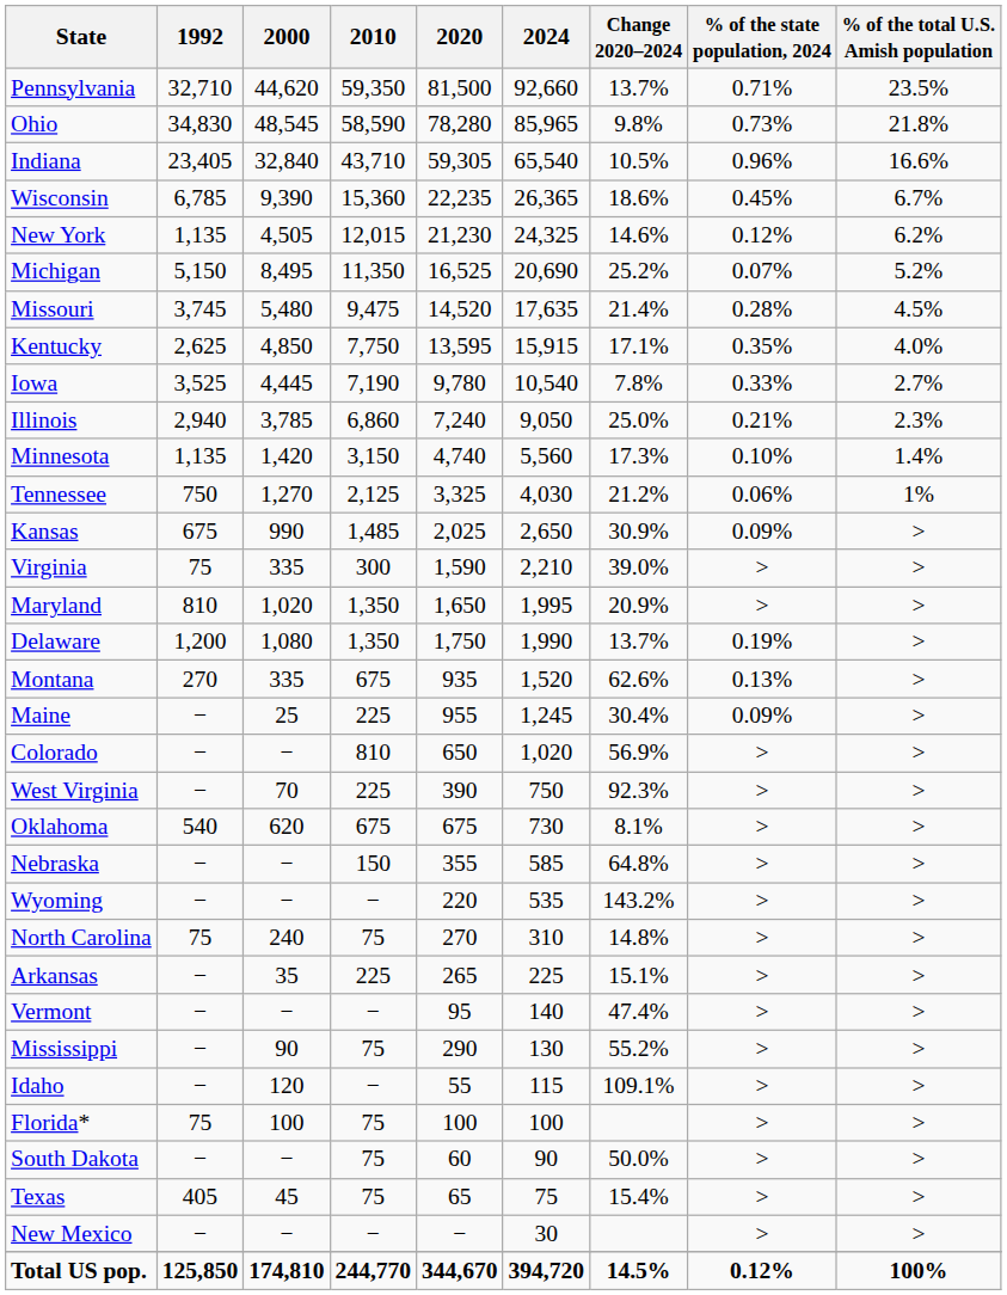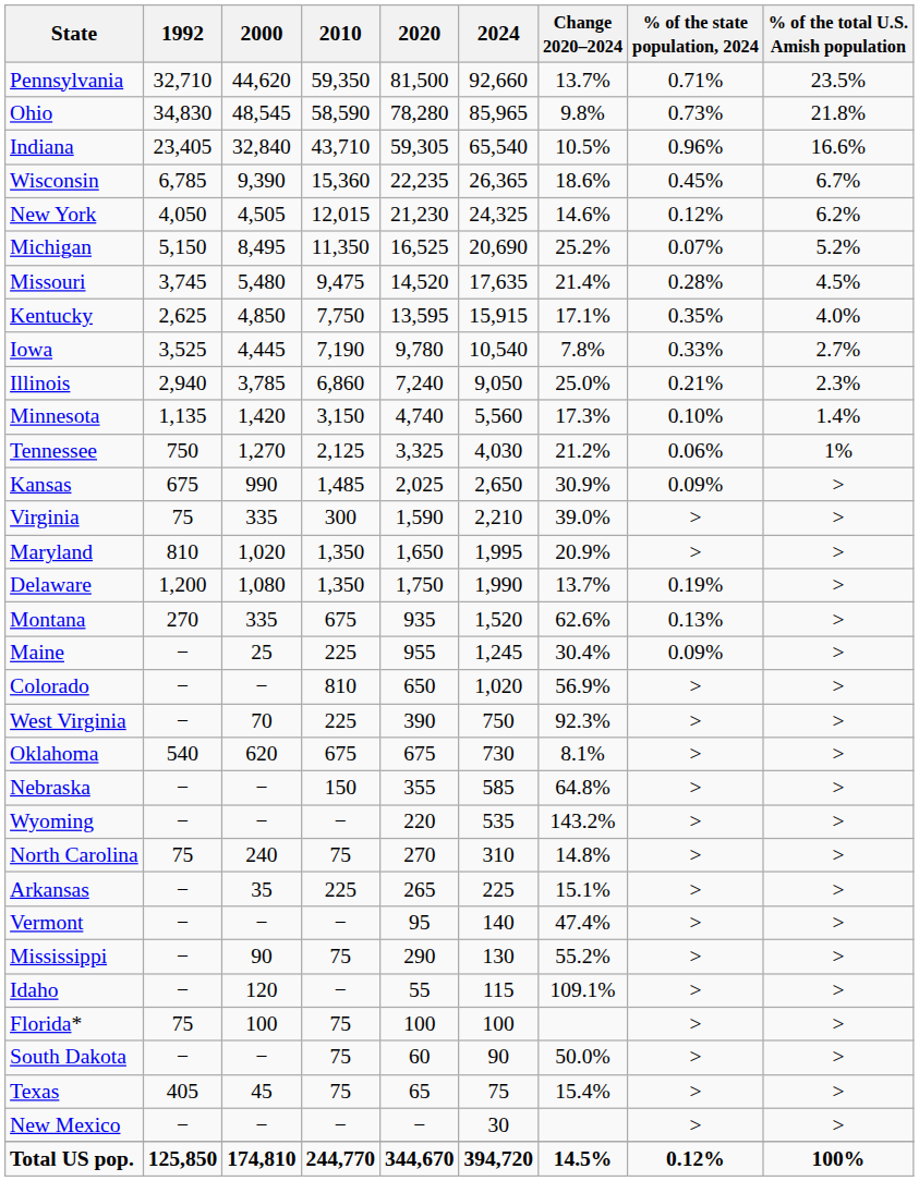 <table class="wikitable sortable">
 <tr>
 <th data-sort-type="text">State</th>
 <th data-sort-type="number">1992</th>
 <th data-sort-type="number">2000</th>
 <th data-sort-type="number">2010</th>
 <th data-sort-type="number">2020</th>
 <th data-sort-type="number">2024</th>
 <th data-sort-type="number"><small>Change<br>2020–2024</small></th>
 <th data-sort-type="number"><small>% of the state<br>population, 2024</small></th>
 <th data-sort-type="number"><small>% of the total U.S.<br>Amish population</small></th>
 </tr>
 <tr>
 <td><a href='#'>Pennsylvania</a></td>
 <td style="text-align: center;">32,710</td>
 <td style="text-align: center;">44,620</td>
 <td style="text-align: center;">59,350</td>
 <td style="text-align: center;">81,500</td>
 <td style="text-align: center;">92,660</td>
 <td style="text-align: center;">13.7%</td>
 <td style="text-align: center;">0.71%</td>
 <td style="text-align: center;">23.5%</td>
 </tr>
 <tr>
 <td><a href='#'>Ohio</a></td>
 <td style="text-align: center;">34,830</td>
 <td style="text-align: center;">48,545</td>
 <td style="text-align: center;">58,590</td>
 <td style="text-align: center;">78,280</td>
 <td style="text-align: center;">85,965</td>
 <td style="text-align: center;">9.8%</td>
 <td style="text-align: center;">0.73%</td>
 <td style="text-align: center;">21.8%</td>
 </tr>
 <tr>
 <td><a href='#'>Indiana</a></td>
 <td style="text-align: center;">23,405</td>
 <td style="text-align: center;">32,840</td>
 <td style="text-align: center;">43,710</td>
 <td style="text-align: center;">59,305</td>
 <td style="text-align: center;">65,540</td>
 <td style="text-align: center;">10.5%</td>
 <td style="text-align: center;">0.96%</td>
 <td style="text-align: center;">16.6%</td>
 </tr>
 <tr>
 <td><a href='#'>Wisconsin</a></td>
 <td style="text-align: center;">6,785</td>
 <td style="text-align: center;">9,390</td>
 <td style="text-align: center;">15,360</td>
 <td style="text-align: center;">22,235</td>
 <td style="text-align: center;">26,365</td>
 <td style="text-align: center;">18.6%</td>
 <td style="text-align: center;">0.45%</td>
 <td style="text-align: center;">6.7%</td>
 </tr>
 <tr>
 <td><a href='#'>New York</a></td>
-<td style="text-align: center;">1,135</td>
+<td style="text-align: center;">4,050</td>
 <td style="text-align: center;">4,505</td>
 <td style="text-align: center;">12,015</td>
 <td style="text-align: center;">21,230</td>
 <td style="text-align: center;">24,325</td>
 <td style="text-align: center;">14.6%</td>
 <td style="text-align: center;">0.12%</td>
 <td style="text-align: center;">6.2%</td>
 </tr>
 <tr>
 <td><a href='#'>Michigan</a></td>
 <td style="text-align: center;">5,150</td>
 <td style="text-align: center;">8,495</td>
 <td style="text-align: center;">11,350</td>
 <td style="text-align: center;">16,525</td>
 <td style="text-align: center;">20,690</td>
 <td style="text-align: center;">25.2%</td>
 <td style="text-align: center;">0.07%</td>
 <td style="text-align: center;">5.2%</td>
 </tr>
 <tr>
 <td><a href='#'>Missouri</a></td>
 <td style="text-align: center;">3,745</td>
 <td style="text-align: center;">5,480</td>
 <td style="text-align: center;">9,475</td>
 <td style="text-align: center;">14,520</td>
 <td style="text-align: center;">17,635</td>
 <td style="text-align: center;">21.4%</td>
 <td style="text-align: center;">0.28%</td>
 <td style="text-align: center;">4.5%</td>
 </tr>
 <tr>
 <td><a href='#'>Kentucky</a></td>
 <td style="text-align: center;">2,625</td>
 <td style="text-align: center;">4,850</td>
 <td style="text-align: center;">7,750</td>
 <td style="text-align: center;">13,595</td>
 <td style="text-align: center;">15,915</td>
 <td style="text-align: center;">17.1%</td>
 <td style="text-align: center;">0.35%</td>
 <td style="text-align: center;">4.0%</td>
 </tr>
 <tr>
 <td><a href='#'>Iowa</a></td>
 <td style="text-align: center;">3,525</td>
 <td style="text-align: center;">4,445</td>
 <td style="text-align: center;">7,190</td>
 <td style="text-align: center;">9,780</td>
 <td style="text-align: center;">10,540</td>
 <td style="text-align: center;">7.8%</td>
 <td style="text-align: center;">0.33%</td>
 <td style="text-align: center;">2.7%</td>
 </tr>
 <tr>
 <td><a href='#'>Illinois</a></td>
 <td style="text-align: center;">2,940</td>
 <td style="text-align: center;">3,785</td>
 <td style="text-align: center;">6,860</td>
 <td style="text-align: center;">7,240</td>
 <td style="text-align: center;">9,050</td>
 <td style="text-align: center;">25.0%</td>
 <td style="text-align: center;">0.21%</td>
 <td style="text-align: center;">2.3%</td>
 </tr>
 <tr>
 <td><a href='#'>Minnesota</a></td>
 <td style="text-align: center;">1,135</td>
 <td style="text-align: center;">1,420</td>
 <td style="text-align: center;">3,150</td>
 <td style="text-align: center;">4,740</td>
 <td style="text-align: center;">5,560</td>
 <td style="text-align: center;">17.3%</td>
 <td style="text-align: center;">0.10%</td>
 <td style="text-align: center;">1.4%</td>
 </tr>
 <tr>
 <td><a href='#'>Tennessee</a></td>
 <td style="text-align: center;">750</td>
 <td style="text-align: center;">1,270</td>
 <td style="text-align: center;">2,125</td>
 <td style="text-align: center;">3,325</td>
 <td style="text-align: center;">4,030</td>
 <td style="text-align: center;">21.2%</td>
 <td style="text-align: center;">0.06%</td>
 <td style="text-align: center;">1%</td>
 </tr>
 <tr>
 <td><a href='#'>Kansas</a></td>
 <td style="text-align: center;">675</td>
 <td style="text-align: center;">990</td>
 <td style="text-align: center;">1,485</td>
 <td style="text-align: center;">2,025</td>
 <td style="text-align: center;">2,650</td>
 <td style="text-align: center;">30.9%</td>
 <td style="text-align: center;">0.09%</td>
 <td style="text-align: center;">></td>
 </tr>
 <tr>
 <td><a href='#'>Virginia</a></td>
 <td style="text-align: center;">75</td>
 <td style="text-align: center;">335</td>
 <td style="text-align: center;">300</td>
 <td style="text-align: center;">1,590</td>
 <td style="text-align: center;">2,210</td>
 <td style="text-align: center;">39.0%</td>
 <td style="text-align: center;">></td>
 <td style="text-align: center;">></td>
 </tr>
 <tr>
 <td><a href='#'>Maryland</a></td>
 <td style="text-align: center;">810</td>
 <td style="text-align: center;">1,020</td>
 <td style="text-align: center;">1,350</td>
 <td style="text-align: center;">1,650</td>
 <td style="text-align: center;">1,995</td>
 <td style="text-align: center;">20.9%</td>
 <td style="text-align: center;">></td>
 <td style="text-align: center;">></td>
 </tr>
 <tr>
 <td><a href='#'>Delaware</a></td>
 <td style="text-align: center;">1,200</td>
 <td style="text-align: center;">1,080</td>
 <td style="text-align: center;">1,350</td>
 <td style="text-align: center;">1,750</td>
 <td style="text-align: center;">1,990</td>
 <td style="text-align: center;">13.7%</td>
 <td style="text-align: center;">0.19%</td>
 <td style="text-align: center;">></td>
 </tr>
 <tr>
 <td><a href='#'>Montana</a></td>
 <td style="text-align: center;">270</td>
 <td style="text-align: center;">335</td>
 <td style="text-align: center;">675</td>
 <td style="text-align: center;">935</td>
 <td style="text-align: center;">1,520</td>
 <td style="text-align: center;">62.6%</td>
 <td style="text-align: center;">0.13%</td>
 <td style="text-align: center;">></td>
 </tr>
 <tr>
 <td><a href='#'>Maine</a></td>
 <td style="text-align: center;">−</td>
 <td style="text-align: center;">25</td>
 <td style="text-align: center;">225</td>
 <td style="text-align: center;">955</td>
 <td style="text-align: center;">1,245</td>
 <td style="text-align: center;">30.4%</td>
 <td style="text-align: center;">0.09%</td>
 <td style="text-align: center;">></td>
 </tr>
 <tr>
 <td><a href='#'>Colorado</a></td>
 <td style="text-align: center;">−</td>
 <td style="text-align: center;">−</td>
 <td style="text-align: center;">810</td>
 <td style="text-align: center;">650</td>
 <td style="text-align: center;">1,020</td>
 <td style="text-align: center;">56.9%</td>
 <td style="text-align: center;">></td>
 <td style="text-align: center;">></td>
 </tr>
 <tr>
 <td><a href='#'>West Virginia</a></td>
 <td style="text-align: center;">−</td>
 <td style="text-align: center;">70</td>
 <td style="text-align: center;">225</td>
 <td style="text-align: center;">390</td>
 <td style="text-align: center;">750</td>
 <td style="text-align: center;">92.3%</td>
 <td style="text-align: center;">></td>
 <td style="text-align: center;">></td>
 </tr>
 <tr>
 <td><a href='#'>Oklahoma</a></td>
 <td style="text-align: center;">540</td>
 <td style="text-align: center;">620</td>
 <td style="text-align: center;">675</td>
 <td style="text-align: center;">675</td>
 <td style="text-align: center;">730</td>
 <td style="text-align: center;">8.1%</td>
 <td style="text-align: center;">></td>
 <td style="text-align: center;">></td>
 </tr>
 <tr>
 <td><a href='#'>Nebraska</a></td>
 <td style="text-align: center;">−</td>
 <td style="text-align: center;">−</td>
 <td style="text-align: center;">150</td>
 <td style="text-align: center;">355</td>
 <td style="text-align: center;">585</td>
 <td style="text-align: center;">64.8%</td>
 <td style="text-align: center;">></td>
 <td style="text-align: center;">></td>
 </tr>
 <tr>
 <td><a href='#'>Wyoming</a></td>
 <td style="text-align: center;">−</td>
 <td style="text-align: center;">−</td>
 <td style="text-align: center;">−</td>
 <td style="text-align: center;">220</td>
 <td style="text-align: center;">535</td>
 <td style="text-align: center;">143.2%</td>
 <td style="text-align: center;">></td>
 <td style="text-align: center;">></td>
 </tr>
 <tr>
 <td><a href='#'>North Carolina</a></td>
 <td style="text-align: center;">75</td>
 <td style="text-align: center;">240</td>
 <td style="text-align: center;">75</td>
 <td style="text-align: center;">270</td>
 <td style="text-align: center;">310</td>
 <td style="text-align: center;">14.8%</td>
 <td style="text-align: center;">></td>
 <td style="text-align: center;">></td>
 </tr>
 <tr>
 <td><a href='#'>Arkansas</a></td>
 <td style="text-align: center;">−</td>
 <td style="text-align: center;">35</td>
 <td style="text-align: center;">225</td>
 <td style="text-align: center;">265</td>
 <td style="text-align: center;">225</td>
 <td style="text-align: center;">15.1%</td>
 <td style="text-align: center;">></td>
 <td style="text-align: center;">></td>
 </tr>
 <tr>
 <td><a href='#'>Vermont</a></td>
 <td style="text-align: center;">−</td>
 <td style="text-align: center;">−</td>
 <td style="text-align: center;">−</td>
 <td style="text-align: center;">95</td>
 <td style="text-align: center;">140</td>
 <td style="text-align: center;">47.4%</td>
 <td style="text-align: center;">></td>
 <td style="text-align: center;">></td>
 </tr>
 <tr>
 <td><a href='#'>Mississippi</a></td>
 <td style="text-align: center;">−</td>
 <td style="text-align: center;">90</td>
 <td style="text-align: center;">75</td>
 <td style="text-align: center;">290</td>
 <td style="text-align: center;">130</td>
 <td style="text-align: center;">55.2%</td>
 <td style="text-align: center;">></td>
 <td style="text-align: center;">></td>
 </tr>
 <tr>
 <td><a href='#'>Idaho</a></td>
 <td style="text-align: center;">−</td>
 <td style="text-align: center;">120</td>
 <td style="text-align: center;">−</td>
 <td style="text-align: center;">55</td>
 <td style="text-align: center;">115</td>
 <td style="text-align: center;">109.1%</td>
 <td style="text-align: center;">></td>
 <td style="text-align: center;">></td>
 </tr>
 <tr>
 <td><a href='#'>Florida</a>*</td>
 <td style="text-align: center;">75</td>
 <td style="text-align: center;">100</td>
 <td style="text-align: center;">75</td>
 <td style="text-align: center;">100</td>
 <td style="text-align: center;">100</td>
 <td style="text-align: center;"></td>
 <td style="text-align: center;">></td>
 <td style="text-align: center;">></td>
 </tr>
 <tr>
 <td><a href='#'>South Dakota</a></td>
 <td style="text-align: center;">−</td>
 <td style="text-align: center;">−</td>
 <td style="text-align: center;">75</td>
 <td style="text-align: center;">60</td>
 <td style="text-align: center;">90</td>
 <td style="text-align: center;">50.0%</td>
 <td style="text-align: center;">></td>
 <td style="text-align: center;">></td>
 </tr>
 <tr>
 <td><a href='#'>Texas</a></td>
 <td style="text-align: center;">405</td>
 <td style="text-align: center;">45</td>
 <td style="text-align: center;">75</td>
 <td style="text-align: center;">65</td>
 <td style="text-align: center;">75</td>
 <td style="text-align: center;">15.4%</td>
 <td style="text-align: center;">></td>
 <td style="text-align: center;">></td>
 </tr>
 <tr>
 <td><a href='#'>New Mexico</a></td>
 <td style="text-align: center;">−</td>
 <td style="text-align: center;">−</td>
 <td style="text-align: center;">−</td>
 <td style="text-align: center;">−</td>
 <td style="text-align: center;">30</td>
 <td style="text-align: center;"></td>
 <td style="text-align: center;">></td>
 <td style="text-align: center;">></td>
 </tr>
 <tr>
 </tr>
 <tr>
 <td><strong>Total US pop.</strong></td>
 <td style="text-align: center;"><strong>125,850</strong></td>
 <td style="text-align: center;"><strong>174,810</strong></td>
 <td style="text-align: center;"><strong>244,770</strong></td>
 <td style="text-align: center;"><strong>344,670</strong></td>
 <td style="text-align: center;"><strong>394,720</strong></td>
 <td style="text-align: center;"><strong>14.5%</strong></td>
 <td style="text-align: center;"><strong>0.12%</strong></td>
 <td style="text-align: center;"><strong>100%</strong></td>
 </tr>
 </table>
